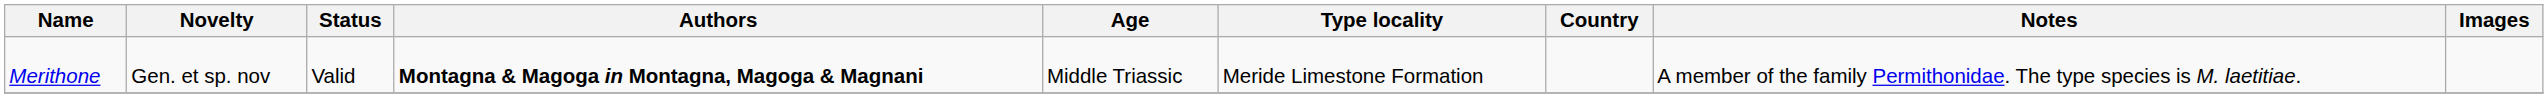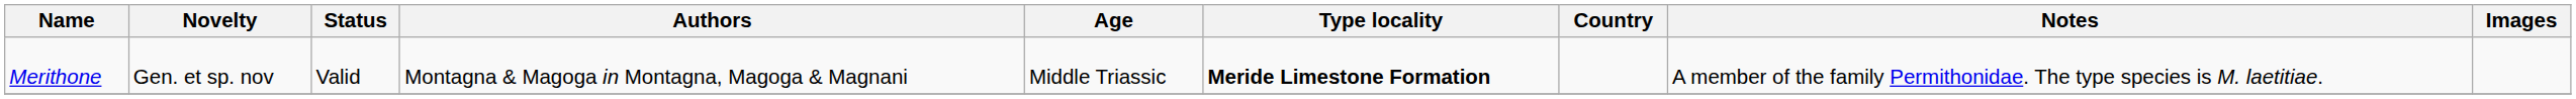 <table class="wikitable sortable" align="center" width="100%">
 <tr>
 <th>Name</th>
 <th>Novelty</th>
 <th>Status</th>
 <th>Authors</th>
 <th>Age</th>
 <th>Type locality</th>
 <th>Country</th>
 <th>Notes</th>
 <th>Images</th>
 </tr>
 <tr>
 <td><br><em><a href='#'>Merithone</a></em></td>
 <td><br>Gen. et sp. nov</td>
 <td><br>Valid</td>
-<td><strong><br>Montagna & Magoga <em>in</em> Montagna, Magoga & Magnani</strong></td>
+<td><br>Montagna & Magoga <em>in</em> Montagna, Magoga & Magnani</td>
 <td><br>Middle Triassic</td>
-<td><br>Meride Limestone Formation</td>
+<td><strong><br>Meride Limestone Formation</strong></td>
 <td><br></td>
 <td><br>A member of the family <a href='#'>Permithonidae</a>. The type species is <em>M. laetitiae</em>.</td>
 <td></td>
 </tr>
 <tr>
 </tr>
 </table>
